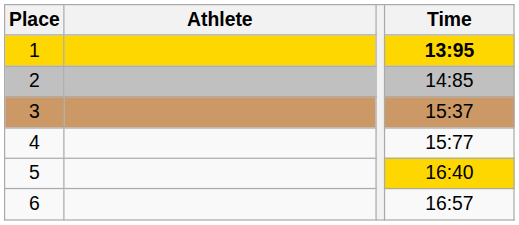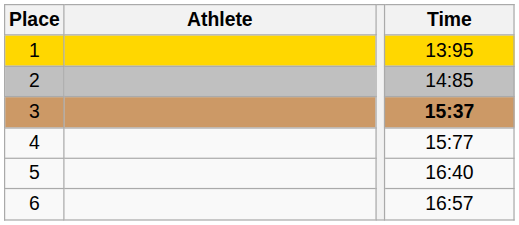 <table class="wikitable" style="text-align:center">
 <tr>
 <th>Place</th>
 <th width=250>Athlete</th>
 <th rowspan=27></th>
 <th width=100>Time</th>
 </tr>
 <tr bgcolor=gold>
 <td>1</td>
 <td align=left></td>
-<td><strong>13:95</strong></td>
+<td>13:95</td>
 </tr>
 <tr bgcolor=silver>
 <td>2</td>
 <td align=left></td>
 <td>14:85</td>
 </tr>
 <tr bgcolor=cc9966>
 <td>3</td>
 <td align=left></td>
-<td>15:37</td>
+<td><strong>15:37</strong></td>
 </tr>
 <tr>
 <td>4</td>
 <td align=left></td>
 <td>15:77</td>
 </tr>
 <tr>
 <td>5</td>
 <td align=left></td>
-<td style="background: gold;">16:40</td>
+<td>16:40</td>
 </tr>
 <tr>
 <td>6</td>
 <td align=left></td>
 <td>16:57</td>
 </tr>
 </table>
